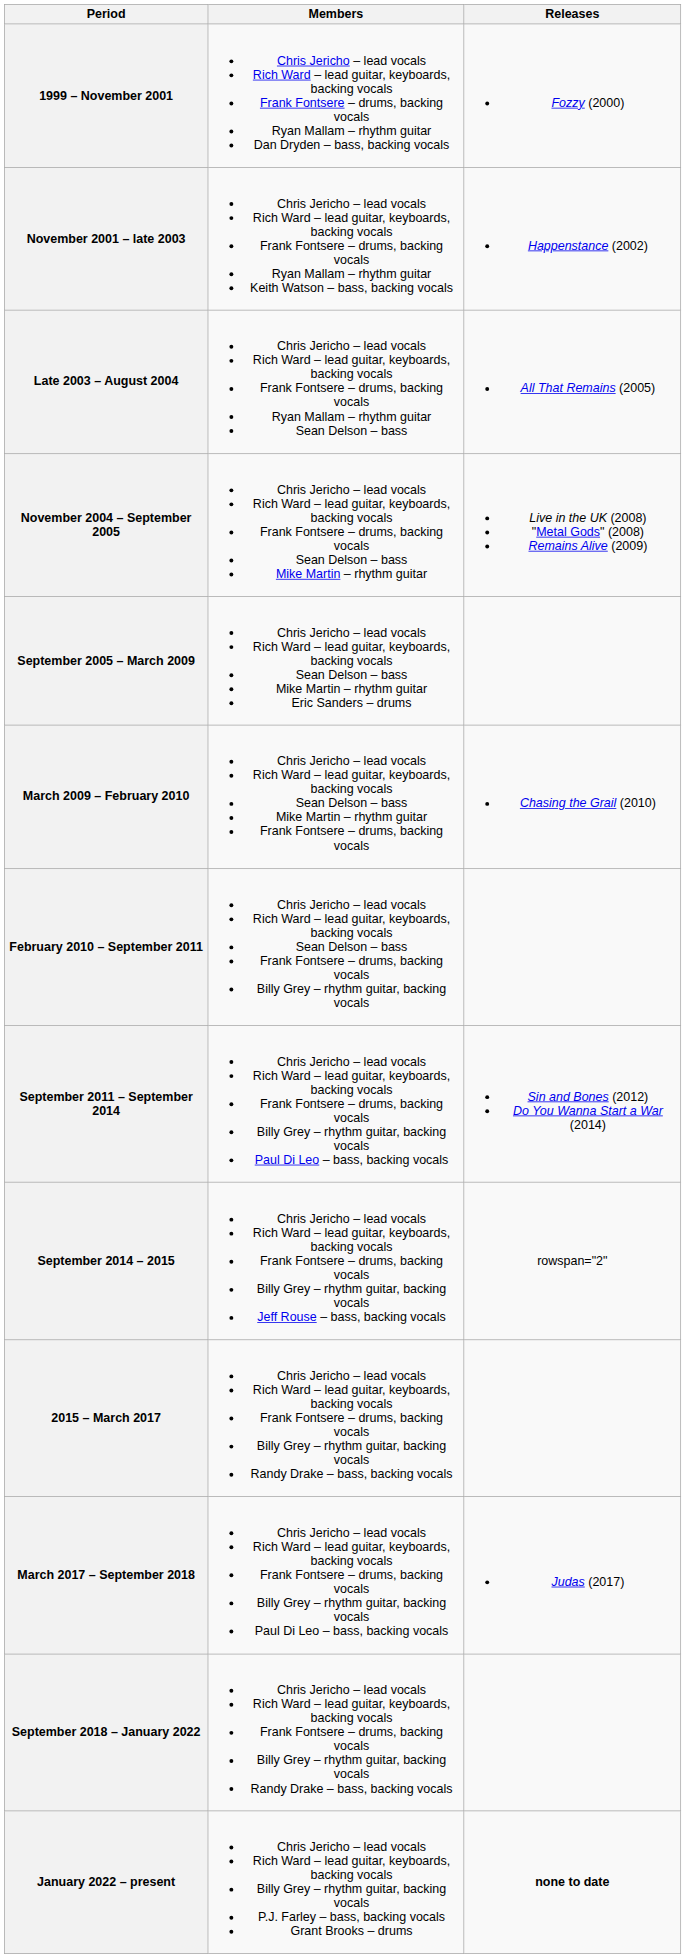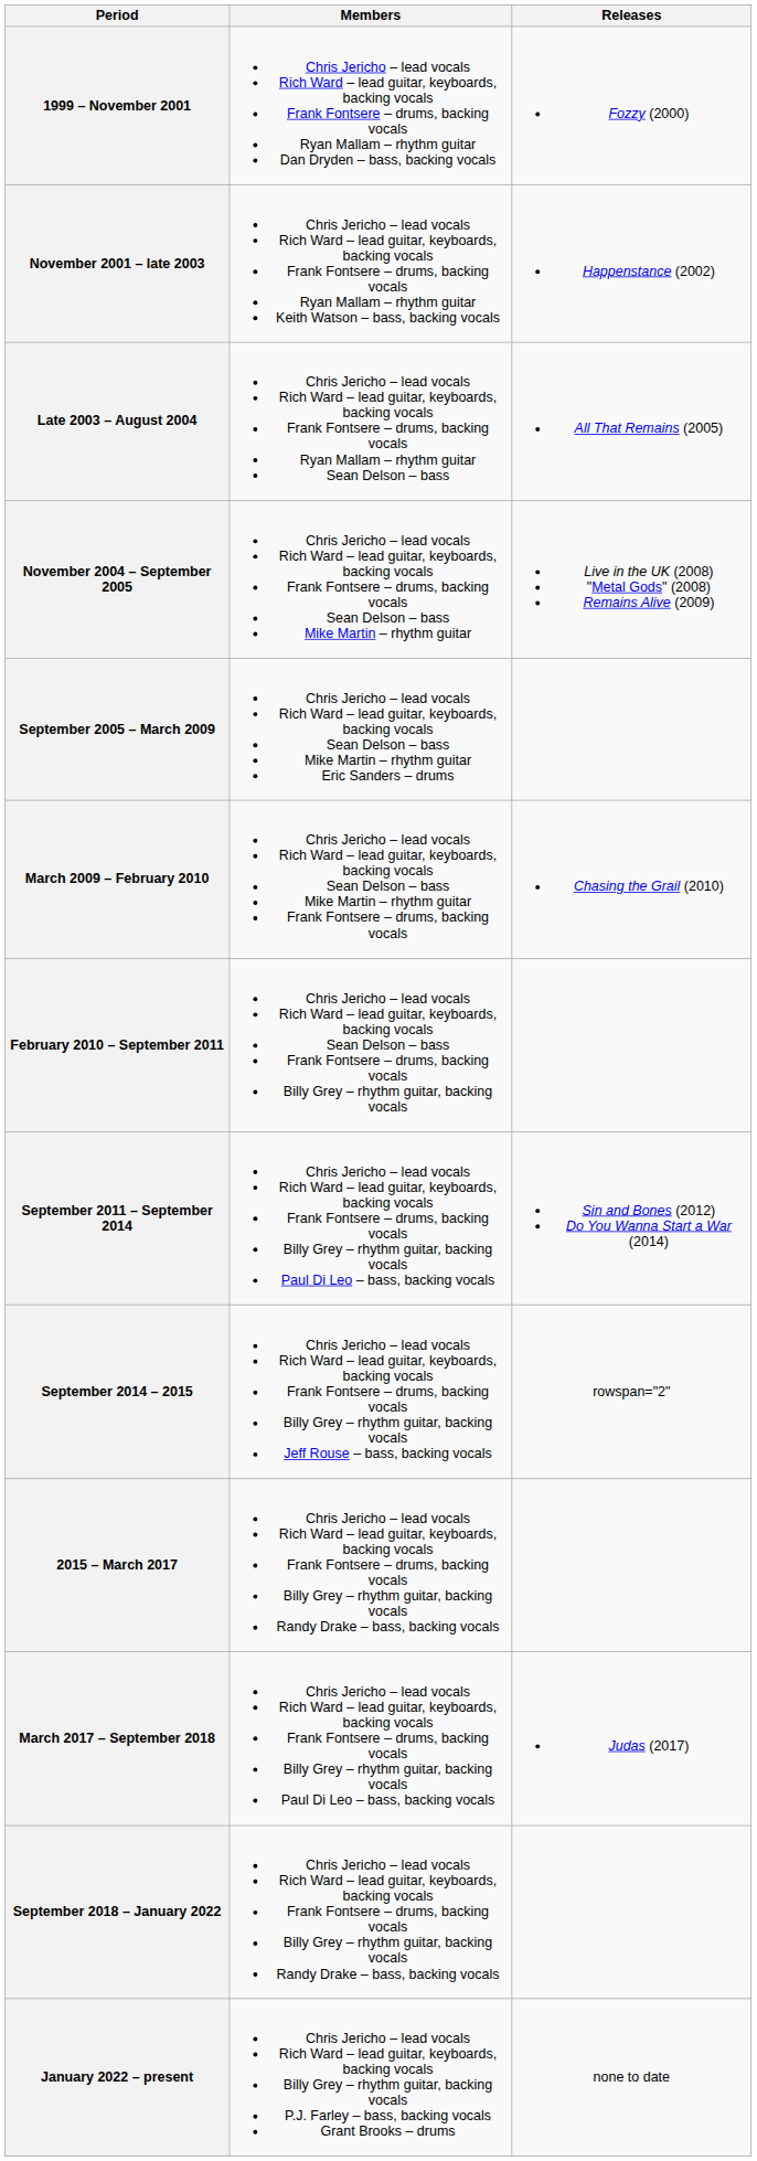 <table class="wikitable plainrowheaders" style="text-align:center;">
 <tr>
 <th scope="col" style="width:20em;">Period</th>
 <th scope="col" style="width:25em;">Members</th>
 <th scope="col" style="width:20em;">Releases</th>
 </tr>
 <tr>
 <th scope="col">1999 – November 2001</th>
 <td><br><ul><li><a href='#'>Chris Jericho</a> – lead vocals</li><li><a href='#'>Rich Ward</a> – lead guitar, keyboards, backing vocals</li><li><a href='#'>Frank Fontsere</a> – drums, backing vocals</li><li>Ryan Mallam – rhythm guitar</li><li>Dan Dryden – bass, backing vocals</li></ul></td>
 <td><br><ul><li><em><a href='#'>Fozzy</a></em> (2000)</li></ul></td>
 </tr>
 <tr>
 <th scope="col">November 2001 – late 2003</th>
 <td><br><ul><li>Chris Jericho – lead vocals</li><li>Rich Ward – lead guitar, keyboards, backing vocals</li><li>Frank Fontsere – drums, backing vocals</li><li>Ryan Mallam – rhythm guitar</li><li>Keith Watson – bass, backing vocals</li></ul></td>
 <td><br><ul><li><em><a href='#'>Happenstance</a></em> (2002)</li></ul></td>
 </tr>
 <tr>
 <th scope="col">Late 2003 – August 2004</th>
 <td><br><ul><li>Chris Jericho – lead vocals</li><li>Rich Ward – lead guitar, keyboards, backing vocals</li><li>Frank Fontsere – drums, backing vocals</li><li>Ryan Mallam – rhythm guitar</li><li>Sean Delson – bass</li></ul></td>
 <td><br><ul><li><em><a href='#'>All That Remains</a></em> (2005)</li></ul></td>
 </tr>
 <tr>
 <th scope="col">November 2004 – September 2005</th>
 <td><br><ul><li>Chris Jericho – lead vocals</li><li>Rich Ward – lead guitar, keyboards, backing vocals</li><li>Frank Fontsere – drums, backing vocals</li><li>Sean Delson – bass</li><li><a href='#'>Mike Martin</a> – rhythm guitar</li></ul></td>
 <td><br><ul><li><em>Live in the UK</em> (2008)</li><li>"<a href='#'>Metal Gods</a>" (2008)</li><li><em><a href='#'>Remains Alive</a></em> (2009)</li></ul></td>
 </tr>
 <tr>
 <th scope="col">September 2005 – March 2009</th>
 <td><br><ul><li>Chris Jericho – lead vocals</li><li>Rich Ward – lead guitar, keyboards, backing vocals</li><li>Sean Delson – bass</li><li>Mike Martin – rhythm guitar</li><li>Eric Sanders – drums</li></ul></td>
 <td></td>
 </tr>
 <tr>
 <th scope="col">March 2009 – February 2010</th>
 <td><br><ul><li>Chris Jericho – lead vocals</li><li>Rich Ward – lead guitar, keyboards, backing vocals</li><li>Sean Delson – bass</li><li>Mike Martin – rhythm guitar</li><li>Frank Fontsere – drums, backing vocals</li></ul></td>
 <td><br><ul><li><em><a href='#'>Chasing the Grail</a></em> (2010)</li></ul></td>
 </tr>
 <tr>
 <th scope="col">February 2010 – September 2011</th>
 <td><br><ul><li>Chris Jericho – lead vocals</li><li>Rich Ward – lead guitar, keyboards, backing vocals</li><li>Sean Delson – bass</li><li>Frank Fontsere – drums, backing vocals</li><li>Billy Grey – rhythm guitar, backing vocals</li></ul></td>
 <td></td>
 </tr>
 <tr>
 <th scope="col">September 2011 – September 2014</th>
 <td><br><ul><li>Chris Jericho – lead vocals</li><li>Rich Ward – lead guitar, keyboards, backing vocals</li><li>Frank Fontsere – drums, backing vocals</li><li>Billy Grey – rhythm guitar, backing vocals</li><li><a href='#'>Paul Di Leo</a> – bass, backing vocals</li></ul></td>
 <td><br><ul><li><em><a href='#'>Sin and Bones</a></em> (2012)</li><li><em><a href='#'>Do You Wanna Start a War</a></em> (2014)</li></ul></td>
 </tr>
 <tr>
 <th scope="col">September 2014 – 2015</th>
 <td><br><ul><li>Chris Jericho – lead vocals</li><li>Rich Ward – lead guitar, keyboards, backing vocals</li><li>Frank Fontsere – drums, backing vocals</li><li>Billy Grey – rhythm guitar, backing vocals</li><li><a href='#'>Jeff Rouse</a> – bass, backing vocals</li></ul></td>
 <td>rowspan="2" </td>
 </tr>
 <tr>
 <th scope="col">2015 – March 2017</th>
 <td><br><ul><li>Chris Jericho – lead vocals</li><li>Rich Ward – lead guitar, keyboards, backing vocals</li><li>Frank Fontsere – drums, backing vocals</li><li>Billy Grey – rhythm guitar, backing vocals</li><li>Randy Drake – bass, backing vocals</li></ul></td>
 </tr>
 <tr>
 <th scope="col">March 2017 – September 2018</th>
 <td><br><ul><li>Chris Jericho – lead vocals</li><li>Rich Ward – lead guitar, keyboards, backing vocals</li><li>Frank Fontsere – drums, backing vocals</li><li>Billy Grey – rhythm guitar, backing vocals</li><li>Paul Di Leo – bass, backing vocals</li></ul></td>
 <td><br><ul><li><em><a href='#'>Judas</a></em> (2017)</li></ul></td>
 </tr>
 <tr>
 <th scope="col">September 2018 – January 2022</th>
 <td><br><ul><li>Chris Jericho – lead vocals</li><li>Rich Ward – lead guitar, keyboards, backing vocals</li><li>Frank Fontsere – drums, backing vocals</li><li>Billy Grey – rhythm guitar, backing vocals</li><li>Randy Drake – bass, backing vocals</li></ul></td>
 <td></td>
 </tr>
 <tr>
 <th scope="col">January 2022 – present</th>
 <td><br><ul><li>Chris Jericho – lead vocals</li><li>Rich Ward – lead guitar, keyboards, backing vocals</li><li>Billy Grey – rhythm guitar, backing vocals</li><li>P.J. Farley – bass, backing vocals</li><li>Grant Brooks – drums</li></ul></td>
-<td><strong>none to date</strong></td>
+<td>none to date</td>
 </tr>
 </table>
